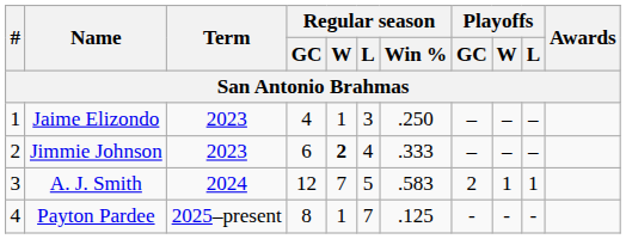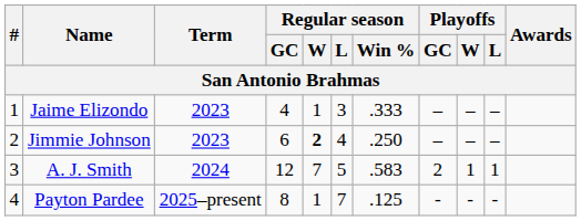 <table class="wikitable" style="text-align:center">
 <tr>
 <th rowspan="2">#</th>
 <th rowspan="2">Name</th>
 <th rowspan="2">Term</th>
 <th colspan="4">Regular season</th>
 <th colspan="3">Playoffs</th>
 <th rowspan="2">Awards</th>
 </tr>
 <tr>
 <th>GC</th>
 <th>W</th>
 <th>L</th>
 <th>Win %</th>
 <th>GC</th>
 <th>W</th>
 <th>L</th>
 </tr>
 <tr>
 <th colspan="11">San Antonio Brahmas</th>
 </tr>
 <tr>
 <td>1</td>
 <td><a href='#'>Jaime Elizondo</a></td>
 <td><a href='#'>2023</a></td>
 <td>4</td>
 <td>1</td>
 <td>3</td>
-<td>.250</td>
+<td>.333</td>
 <td>–</td>
 <td>–</td>
 <td>–</td>
 <td></td>
 </tr>
 <tr>
 <td>2</td>
 <td><a href='#'>Jimmie Johnson</a></td>
 <td><a href='#'>2023</a></td>
 <td>6</td>
 <td><strong>2</strong></td>
 <td>4</td>
-<td>.333</td>
+<td>.250</td>
 <td>–</td>
 <td>–</td>
 <td>–</td>
 <td></td>
 </tr>
 <tr>
 <td>3</td>
 <td><a href='#'>A. J. Smith</a></td>
 <td><a href='#'>2024</a></td>
 <td>12</td>
 <td>7</td>
 <td>5</td>
 <td>.583</td>
 <td>2</td>
 <td>1</td>
 <td>1</td>
 <td></td>
 </tr>
 <tr>
 <td>4</td>
 <td><a href='#'>Payton Pardee</a></td>
 <td><a href='#'>2025</a>–present</td>
 <td>8</td>
 <td>1</td>
 <td>7</td>
 <td>.125</td>
 <td>-</td>
 <td>-</td>
 <td>-</td>
 <td></td>
 </tr>
 </table>
